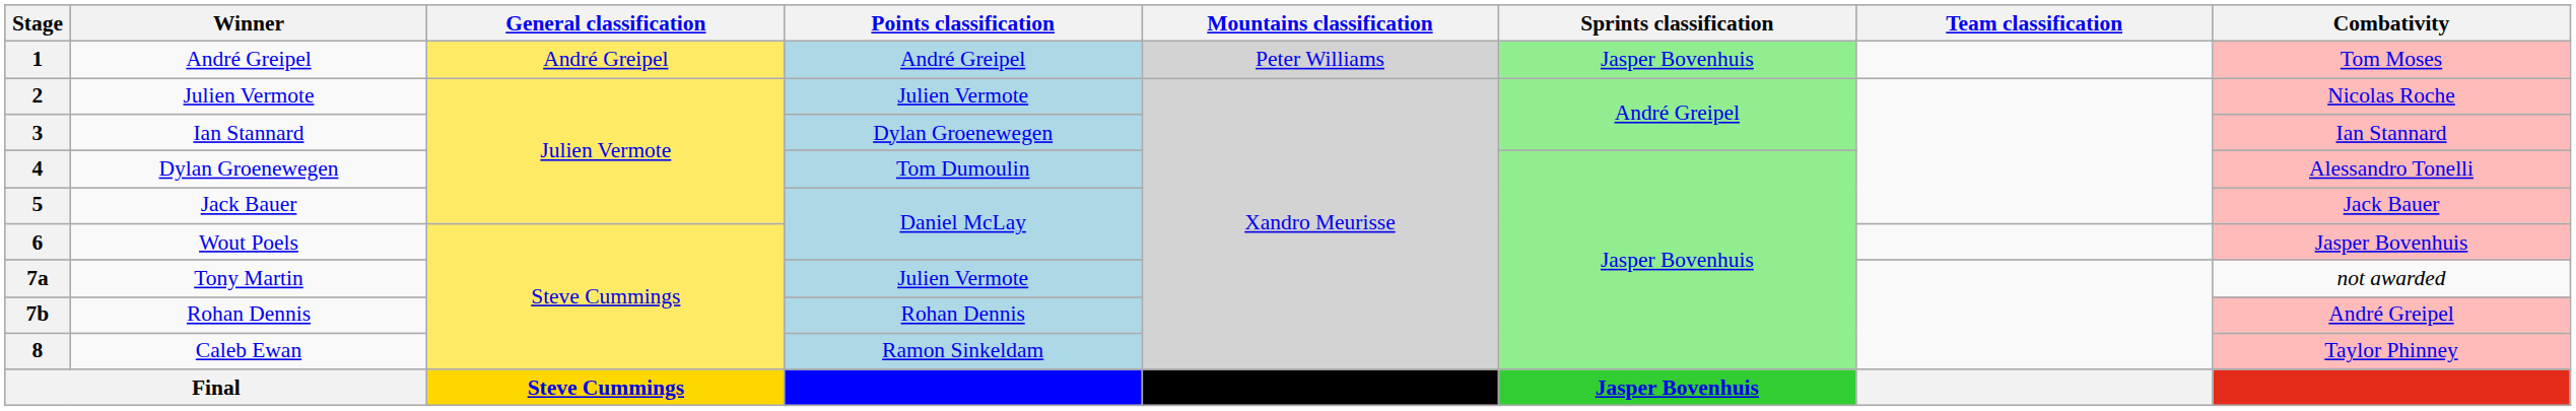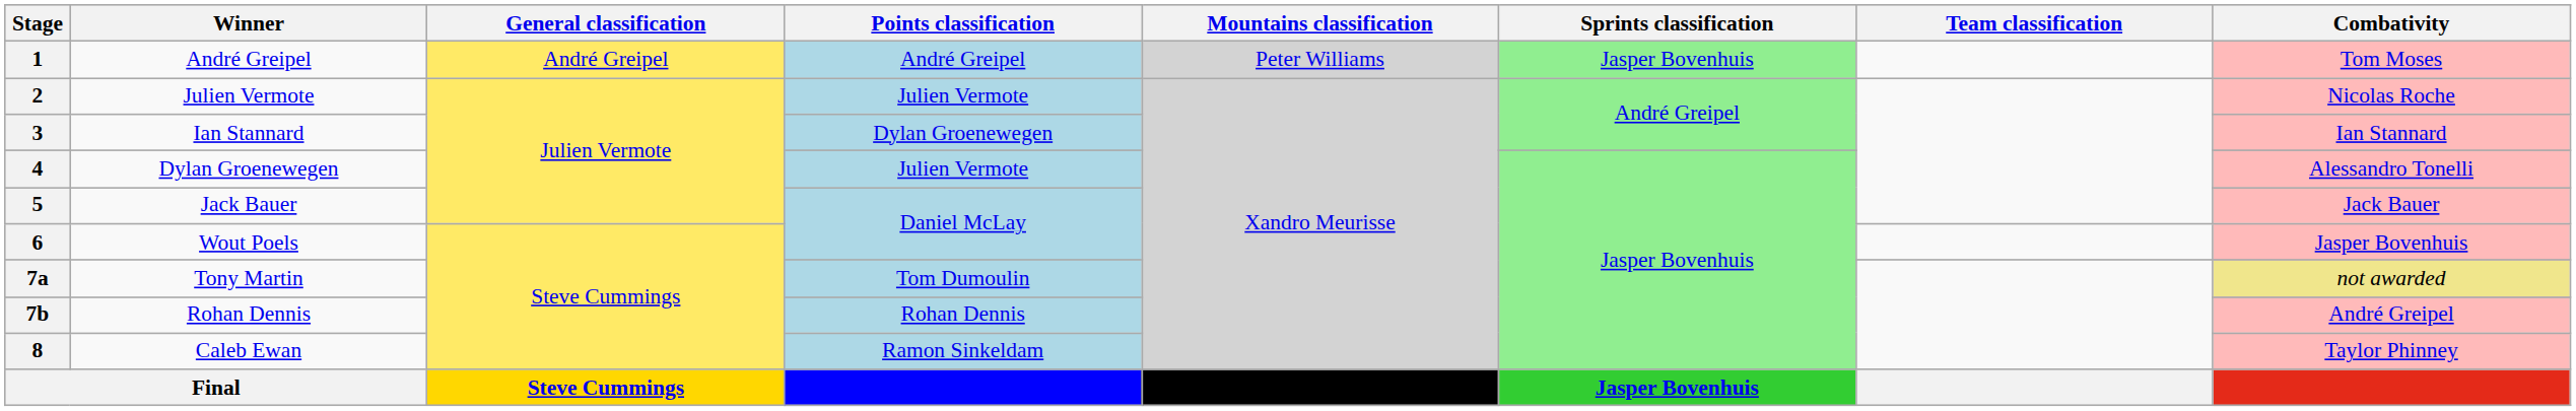 <table class="wikitable" style="text-align: center; font-size:smaller;">
 <tr style="background:#efefef;">
 <th style="width:1%;">Stage</th>
 <th style="width:12%;">Winner</th>
 <th style="width:12%;"><a href='#'>General classification</a><br></th>
 <th style="width:12%;"><a href='#'>Points classification</a><br></th>
 <th style="width:12%;"><a href='#'>Mountains classification</a><br></th>
 <th style="width:12%;">Sprints classification<br></th>
 <th style="width:12%;"><a href='#'>Team classification</a></th>
 <th style="width:12%;">Combativity</th>
 </tr>
 <tr>
 <th>1</th>
 <td><a href='#'>André Greipel</a></td>
 <td style="background:#FFEA66;"><a href='#'>André Greipel</a></td>
 <td style="background:lightblue;"><a href='#'>André Greipel</a></td>
 <td style="background:#d3d3d3;"><a href='#'>Peter Williams</a></td>
 <td style="background:lightgreen;"><a href='#'>Jasper Bovenhuis</a></td>
 <td></td>
 <td style="background:#FFBABA;"><a href='#'>Tom Moses</a></td>
 </tr>
 <tr>
 <th>2</th>
 <td><a href='#'>Julien Vermote</a></td>
 <td style="background:#FFEA66;" rowspan=4><a href='#'>Julien Vermote</a></td>
 <td style="background:lightblue;"><a href='#'>Julien Vermote</a></td>
 <td style="background:#d3d3d3;" rowspan=8><a href='#'>Xandro Meurisse</a></td>
 <td style="background:lightgreen;" rowspan=2><a href='#'>André Greipel</a></td>
 <td rowspan=4></td>
 <td style="background:#FFBABA;"><a href='#'>Nicolas Roche</a></td>
 </tr>
 <tr>
 <th>3</th>
 <td><a href='#'>Ian Stannard</a></td>
 <td style="background:lightblue;"><a href='#'>Dylan Groenewegen</a></td>
 <td style="background:#FFBABA;"><a href='#'>Ian Stannard</a></td>
 </tr>
 <tr>
 <th>4</th>
 <td><a href='#'>Dylan Groenewegen</a></td>
-<td style="background:lightblue;"><a href='#'>Tom Dumoulin</a></td>
+<td style="background:lightblue;"><a href='#'>Julien Vermote</a></td>
 <td style="background:lightgreen;" rowspan=6><a href='#'>Jasper Bovenhuis</a></td>
 <td style="background:#FFBABA;"><a href='#'>Alessandro Tonelli</a></td>
 </tr>
 <tr>
 <th>5</th>
 <td><a href='#'>Jack Bauer</a></td>
 <td style="background:lightblue;" rowspan=2><a href='#'>Daniel McLay</a></td>
 <td style="background:#FFBABA;"><a href='#'>Jack Bauer</a></td>
 </tr>
 <tr>
 <th>6</th>
 <td><a href='#'>Wout Poels</a></td>
 <td style="background:#FFEA66;" rowspan=4><a href='#'>Steve Cummings</a></td>
 <td></td>
 <td style="background:#FFBABA;"><a href='#'>Jasper Bovenhuis</a></td>
 </tr>
 <tr>
 <th>7a</th>
 <td><a href='#'>Tony Martin</a></td>
-<td style="background:lightblue;"><a href='#'>Julien Vermote</a></td>
+<td style="background:lightblue;"><a href='#'>Tom Dumoulin</a></td>
 <td rowspan=3></td>
-<td><em>not awarded</em></td>
+<td style="background: khaki;"><em>not awarded</em></td>
 </tr>
 <tr>
 <th>7b</th>
 <td><a href='#'>Rohan Dennis</a></td>
 <td style="background:lightblue;"><a href='#'>Rohan Dennis</a></td>
 <td style="background:#FFBABA;"><a href='#'>André Greipel</a></td>
 </tr>
 <tr>
 <th>8</th>
 <td><a href='#'>Caleb Ewan</a></td>
 <td style="background:lightblue;"><a href='#'>Ramon Sinkeldam</a></td>
 <td style="background:#FFBABA;"><a href='#'>Taylor Phinney</a></td>
 </tr>
 <tr>
 <th colspan=2>Final</th>
 <th style="background:gold"><a href='#'>Steve Cummings</a></th>
 <th style="background:blue"></th>
 <th style="background:#000000"></th>
 <th style="background:limegreen"><a href='#'>Jasper Bovenhuis</a></th>
 <th></th>
 <th style="background:#E42A19;"></th>
 </tr>
 </table>
